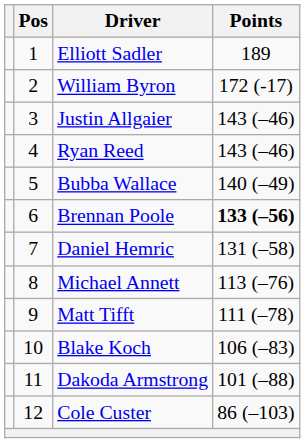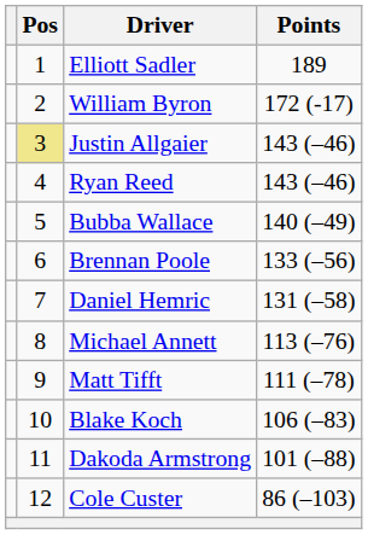 <table class="wikitable" style="font-size: 95%;">
 <tr>
 <th></th>
 <th>Pos</th>
 <th>Driver</th>
 <th>Points</th>
 </tr>
 <tr>
 <td align="left"></td>
 <td style="text-align:center;">1</td>
 <td><a href='#'>Elliott Sadler</a></td>
 <td style="text-align:center;">189</td>
 </tr>
 <tr>
 <td align="left"></td>
 <td style="text-align:center;">2</td>
 <td><a href='#'>William Byron</a></td>
 <td style="text-align:center;">172 (-17)</td>
 </tr>
 <tr>
 <td align="left"></td>
-<td style="text-align:center;">3</td>
+<td style="background: khaki; text-align:center;">3</td>
 <td><a href='#'>Justin Allgaier</a></td>
 <td style="text-align:center;">143 (–46)</td>
 </tr>
 <tr>
 <td align="left"></td>
 <td style="text-align:center;">4</td>
 <td><a href='#'>Ryan Reed</a></td>
 <td style="text-align:center;">143 (–46)</td>
 </tr>
 <tr>
 <td align="left"></td>
 <td style="text-align:center;">5</td>
 <td><a href='#'>Bubba Wallace</a></td>
 <td style="text-align:center;">140 (–49)</td>
 </tr>
 <tr>
 <td align="left"></td>
 <td style="text-align:center;">6</td>
 <td><a href='#'>Brennan Poole</a></td>
-<td style="text-align:center;"><strong>133 (–56)</strong></td>
+<td style="text-align:center;">133 (–56)</td>
 </tr>
 <tr>
 <td align="left"></td>
 <td style="text-align:center;">7</td>
 <td><a href='#'>Daniel Hemric</a></td>
 <td style="text-align:center;">131 (–58)</td>
 </tr>
 <tr>
 <td align="left"></td>
 <td style="text-align:center;">8</td>
 <td><a href='#'>Michael Annett</a></td>
 <td style="text-align:center;">113 (–76)</td>
 </tr>
 <tr>
 <td align="left"></td>
 <td style="text-align:center;">9</td>
 <td><a href='#'>Matt Tifft</a></td>
 <td style="text-align:center;">111 (–78)</td>
 </tr>
 <tr>
 <td align="left"></td>
 <td style="text-align:center;">10</td>
 <td><a href='#'>Blake Koch</a></td>
 <td style="text-align:center;">106 (–83)</td>
 </tr>
 <tr>
 <td align="left"></td>
 <td style="text-align:center;">11</td>
 <td><a href='#'>Dakoda Armstrong</a></td>
 <td style="text-align:center;">101 (–88)</td>
 </tr>
 <tr>
 <td align="left"></td>
 <td style="text-align:center;">12</td>
 <td><a href='#'>Cole Custer</a></td>
 <td style="text-align:center;">86 (–103)</td>
 </tr>
 <tr class="sortbottom">
 <th colspan="9"></th>
 </tr>
 </table>
